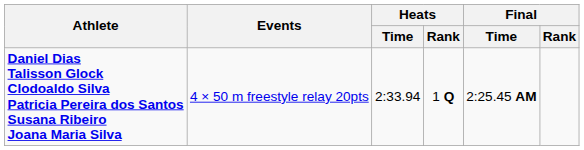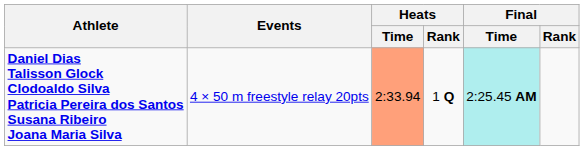 <table class=wikitable>
 <tr>
 <th rowspan="2">Athlete</th>
 <th rowspan="2">Events</th>
 <th colspan="2">Heats</th>
 <th colspan="2">Final</th>
 </tr>
 <tr>
 <th>Time</th>
 <th>Rank</th>
 <th>Time</th>
 <th>Rank</th>
 </tr>
 <tr>
 <td><strong><a href='#'>Daniel Dias</a><br><a href='#'>Talisson Glock</a><br><a href='#'>Clodoaldo Silva</a><br><a href='#'>Patricia Pereira dos Santos</a><br><a href='#'>Susana Ribeiro</a><br><a href='#'>Joana Maria Silva</a></strong></td>
 <td><a href='#'>4 × 50 m freestyle relay 20pts</a></td>
-<td style="text-align:center;">2:33.94</td>
+<td style="background: lightsalmon; text-align:center;">2:33.94</td>
 <td style="text-align:center;">1 <strong>Q</strong></td>
-<td style="text-align:center;">2:25.45 <strong>AM</strong></td>
+<td style="background: paleturquoise; text-align:center;">2:25.45 <strong>AM</strong></td>
 <td style="text-align:center;"></td>
 </tr>
 </table>
